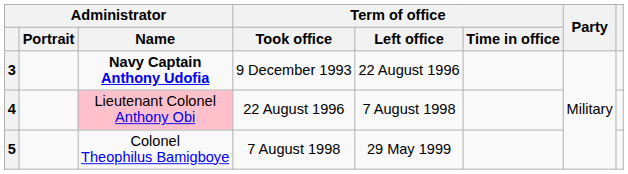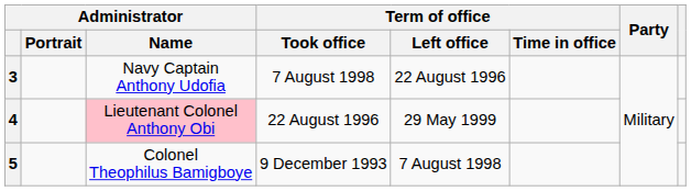 <table class="wikitable" style="text-align:center">
 <tr>
 <th colspan=3>Administrator</th>
 <th colspan=3>Term of office</th>
 <th rowspan=2>Party</th>
 <th rowspan=2></th>
 </tr>
 <tr>
 <th></th>
 <th>Portrait</th>
 <th>Name<br></th>
 <th>Took office</th>
 <th>Left office</th>
 <th>Time in office</th>
 </tr>
 <tr>
 <th style="background:">3</th>
 <td></td>
-<td><strong>Navy Captain<br><a href='#'>Anthony Udofia</a></strong></td>
-<td>9 December 1993</td>
+<td>Navy Captain<br><a href='#'>Anthony Udofia</a></td>
+<td>7 August 1998</td>
 <td>22 August 1996</td>
 <td></td>
 <td rowspan="3">Military</td>
 <td></td>
 </tr>
 <tr>
 <th style="background:">4</th>
 <td></td>
 <td style="background: pink;">Lieutenant Colonel<br><a href='#'>Anthony Obi</a><br></td>
 <td>22 August 1996</td>
-<td>7 August 1998</td>
+<td>29 May 1999</td>
 <td></td>
 <td></td>
 </tr>
 <tr>
 <th style="background:">5</th>
 <td></td>
 <td>Colonel<br><a href='#'>Theophilus Bamigboye</a><br></td>
+<td>9 December 1993</td>
 <td>7 August 1998</td>
-<td>29 May 1999</td>
 <td></td>
 <td></td>
 </tr>
 </table>
